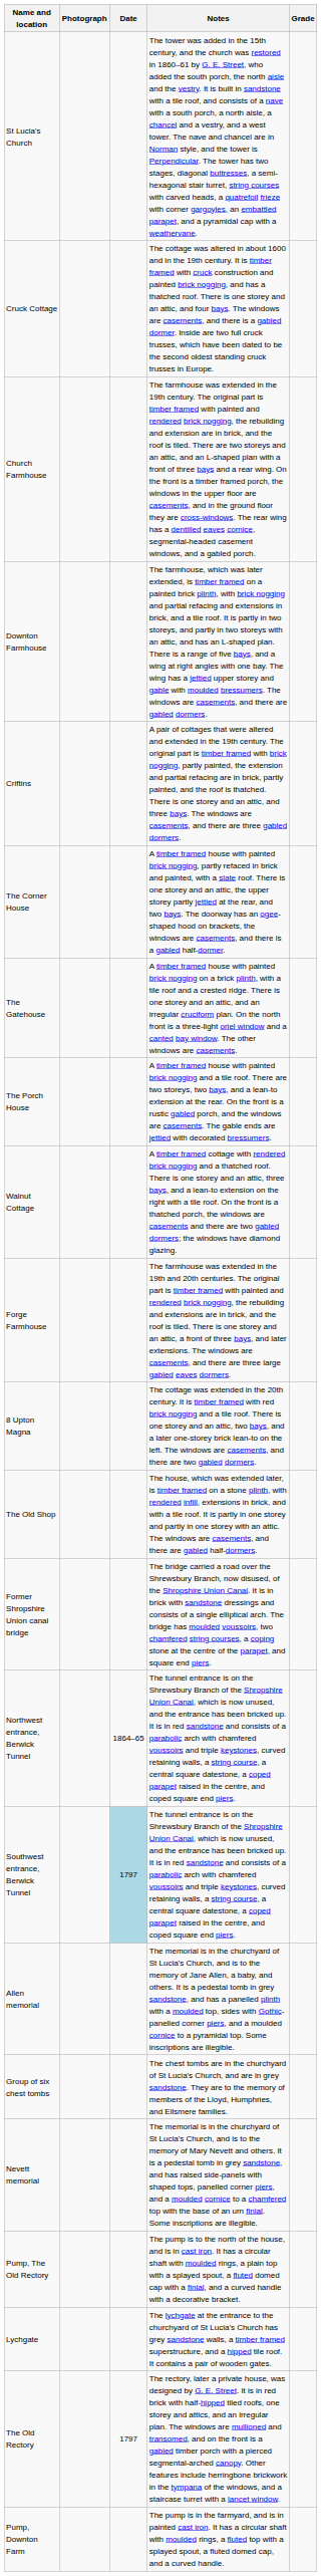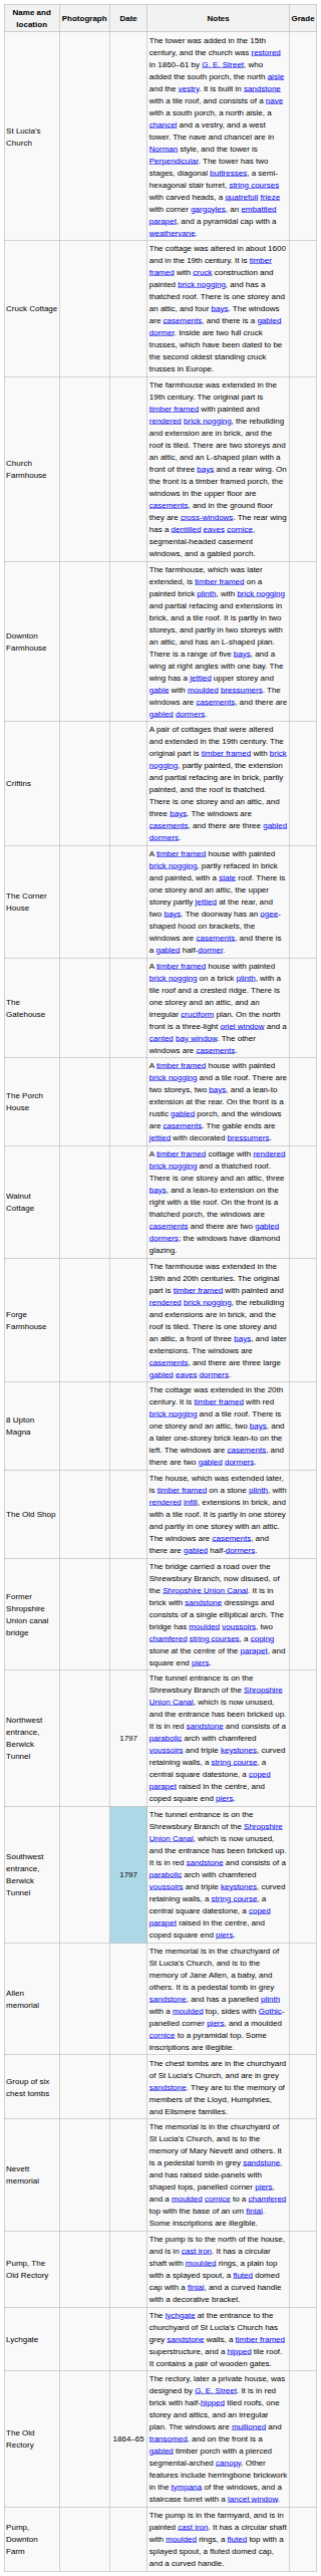 <table class="wikitable sortable plainrowheaders" style="width:100%; border:0; text-align:left; line-height:150%;">
 <tr>
 <th scope="col"  style="width:150px">Name and location</th>
 <th scope="col"  style="width:100px" class="unsortable">Photograph</th>
 <th scope="col"  style="width:120px">Date</th>
 <th scope="col"  style="width:650px" class="unsortable">Notes</th>
 <th scope="col"  style="width:50px">Grade</th>
 </tr>
 <tr>
 <td>St Lucia's Church<br><small></small></td>
 <td></td>
 <td align="center"></td>
 <td>The tower was added in the 15th century, and the church was <a href='#'>restored</a> in 1860–61 by <a href='#'>G. E. Street</a>, who added the south porch, the north <a href='#'>aisle</a> and the <a href='#'>vestry</a>.  It is built in <a href='#'>sandstone</a> with a tile roof, and consists of a <a href='#'>nave</a> with a south porch, a north aisle, a <a href='#'>chancel</a> and a vestry, and a west tower.  The nave and chancel are in <a href='#'>Norman</a> style, and the tower is <a href='#'>Perpendicular</a>.  The tower has two stages, diagonal <a href='#'>buttresses</a>, a semi-hexagonal stair turret, <a href='#'>string courses</a> with carved heads, a <a href='#'>quatrefoil</a> <a href='#'>frieze</a> with corner <a href='#'>gargoyles</a>, an <a href='#'>embattled</a> <a href='#'>parapet</a>, and a pyramidal cap with a <a href='#'>weathervane</a>.</td>
 <td align="center" ></td>
 </tr>
 <tr>
 <td>Cruck Cottage<br><small></small></td>
 <td></td>
 <td align="center"></td>
 <td>The cottage was altered in about 1600 and in the 19th century.  It is <a href='#'>timber framed</a> with <a href='#'>cruck</a> construction and painted <a href='#'>brick nogging</a>, and has a thatched roof.  There is one storey and an attic, and four <a href='#'>bays</a>.  The windows are <a href='#'>casements</a>, and there is a <a href='#'>gabled</a> <a href='#'>dormer</a>.  Inside are two full cruck trusses, which have been dated to be the second oldest standing cruck trusses in Europe.</td>
 <td align="center" ></td>
 </tr>
 <tr>
 <td>Church Farmhouse<br><small></small></td>
 <td></td>
 <td align="center"></td>
 <td>The farmhouse was extended in the 19th century.  The original part is <a href='#'>timber framed</a> with painted and <a href='#'>rendered</a> <a href='#'>brick nogging</a>, the rebuilding and extension are in brick, and the roof is tiled.  There are two storeys and an attic, and an L-shaped plan with a front of three <a href='#'>bays</a> and a rear wing.  On the front is a timber framed porch, the windows in the upper floor are <a href='#'>casements</a>, and in the ground floor they are <a href='#'>cross-windows</a>.  The rear wing has a <a href='#'>dentilled</a> <a href='#'>eaves</a> <a href='#'>cornice</a>, segmental-headed casement windows, and a gabled porch.</td>
 <td align="center" ></td>
 </tr>
 <tr>
 <td>Downton Farmhouse<br><small></small></td>
 <td></td>
 <td align="center"></td>
 <td>The farmhouse, which was later extended, is <a href='#'>timber framed</a> on a painted brick <a href='#'>plinth</a>, with <a href='#'>brick nogging</a> and partial refacing and extensions in brick, and a tile roof.  It is partly in two storeys, and partly in two storeys with an attic, and has an L-shaped plan.  There is a range of five <a href='#'>bays</a>, and a wing at right angles with one bay.  The wing has a <a href='#'>jettied</a> upper storey and <a href='#'>gable</a> with <a href='#'>moulded</a> <a href='#'>bressumers</a>.  The windows are <a href='#'>casements</a>, and there are <a href='#'>gabled</a> <a href='#'>dormers</a>.</td>
 <td align="center" ></td>
 </tr>
 <tr>
 <td>Criftins<br><small></small></td>
 <td></td>
 <td align="center"></td>
 <td>A pair of cottages that were altered and extended in the 19th century.  The original part is <a href='#'>timber framed</a> with <a href='#'>brick nogging</a>, partly painted, the extension and partial refacing are in brick, partly painted, and the roof is thatched.  There is one storey and an attic, and three <a href='#'>bays</a>.  The windows are <a href='#'>casements</a>, and there are three <a href='#'>gabled</a> <a href='#'>dormers</a>.</td>
 <td align="center" ></td>
 </tr>
 <tr>
 <td>The Corner House<br><small></small></td>
 <td></td>
 <td align="center"></td>
 <td>A <a href='#'>timber framed</a> house with painted <a href='#'>brick nogging</a>, partly refaced in brick and painted, with a <a href='#'>slate</a> roof.  There is one storey and an attic, the upper storey partly <a href='#'>jettied</a> at the rear, and two <a href='#'>bays</a>.  The doorway has an <a href='#'>ogee</a>-shaped hood on brackets, the windows are <a href='#'>casements</a>, and there is a <a href='#'>gabled</a> half-<a href='#'>dormer</a>.</td>
 <td align="center" ></td>
 </tr>
 <tr>
 <td>The Gatehouse<br><small></small></td>
 <td></td>
 <td align="center"></td>
 <td>A <a href='#'>timber framed</a> house with painted <a href='#'>brick nogging</a> on a brick <a href='#'>plinth</a>, with a tile roof and a crested ridge.  There is one storey and an attic, and an irregular <a href='#'>cruciform</a> plan.  On the north front is a three-light <a href='#'>oriel window</a> and a <a href='#'>canted</a> <a href='#'>bay window</a>.  The other windows are <a href='#'>casements</a>.</td>
 <td align="center" ></td>
 </tr>
 <tr>
 <td>The Porch House<br><small></small></td>
 <td></td>
 <td align="center"></td>
 <td>A <a href='#'>timber framed</a> house with painted <a href='#'>brick nogging</a> and a tile roof.  There are two storeys, two <a href='#'>bays</a>, and a lean-to extension at the rear.  On the front is a rustic <a href='#'>gabled</a> porch, and the windows are <a href='#'>casements</a>.  The gable ends are <a href='#'>jettied</a> with decorated <a href='#'>bressumers</a>.</td>
 <td align="center" ></td>
 </tr>
 <tr>
 <td>Walnut Cottage<br><small></small></td>
 <td></td>
 <td align="center"></td>
 <td>A <a href='#'>timber framed</a> cottage with <a href='#'>rendered</a> <a href='#'>brick nogging</a> and a thatched roof.  There is one storey and an attic, three <a href='#'>bays</a>, and a lean-to extension on the right with a tile roof.  On the front is a thatched porch, the windows are <a href='#'>casements</a> and there are two <a href='#'>gabled</a> <a href='#'>dormers</a>; the windows have diamond glazing.</td>
 <td align="center" ></td>
 </tr>
 <tr>
 <td>Forge Farmhouse<br><small></small></td>
 <td></td>
 <td align="center"></td>
 <td>The farmhouse was extended in the 19th and 20th centuries.  The original part is <a href='#'>timber framed</a> with painted and <a href='#'>rendered</a> <a href='#'>brick nogging</a>, the rebuilding and extensions are in brick, and the roof is tiled.  There is one storey and an attic, a front of three <a href='#'>bays</a>, and later extensions.  The windows are <a href='#'>casements</a>, and there are three large <a href='#'>gabled</a> <a href='#'>eaves</a> <a href='#'>dormers</a>.</td>
 <td align="center" ></td>
 </tr>
 <tr>
 <td>8 Upton Magna<br><small></small></td>
 <td></td>
 <td align="center"></td>
 <td>The cottage was extended in the 20th century.  It is <a href='#'>timber framed</a> with red <a href='#'>brick nogging</a> and a tile roof.  There is one storey and an attic, two <a href='#'>bays</a>, and a later one-storey brick lean-to on the left.  The windows are <a href='#'>casements</a>, and there are two <a href='#'>gabled</a> <a href='#'>dormers</a>.</td>
 <td align="center" ></td>
 </tr>
 <tr>
 <td>The Old Shop<br><small></small></td>
 <td></td>
 <td align="center"></td>
 <td>The house, which was extended later, is <a href='#'>timber framed</a> on a stone <a href='#'>plinth</a>, with <a href='#'>rendered</a> <a href='#'>infill</a>, extensions in brick, and with a tile roof.  It is partly in one storey and partly in one storey with an attic.  The windows are <a href='#'>casements</a>, and there are <a href='#'>gabled</a> half-<a href='#'>dormers</a>.</td>
 <td align="center" ></td>
 </tr>
 <tr>
 <td>Former Shropshire Union canal bridge<br><small></small></td>
 <td></td>
 <td align="center"></td>
 <td>The bridge carried a road over the Shrewsbury Branch, now disused, of the <a href='#'>Shropshire Union Canal</a>.  It is in brick with <a href='#'>sandstone</a> dressings and consists of a single elliptical arch.  The bridge has <a href='#'>moulded</a> <a href='#'>voussoirs</a>, two <a href='#'>chamfered</a> <a href='#'>string courses</a>, a <a href='#'>coping</a> stone at the centre of the <a href='#'>parapet</a>, and square end <a href='#'>piers</a>.</td>
 <td align="center" ></td>
 </tr>
 <tr>
 <td>Northwest entrance, Berwick Tunnel<br><small></small></td>
 <td></td>
-<td align="center">1864–65</td>
+<td align="center">1797</td>
 <td>The tunnel entrance is on the Shrewsbury Branch of the <a href='#'>Shropshire Union Canal</a>, which is now unused, and the entrance has been bricked up.  It is in red <a href='#'>sandstone</a> and consists of a <a href='#'>parabolic</a> arch with chamfered <a href='#'>voussoirs</a> and triple <a href='#'>keystones</a>, curved retaining walls, a <a href='#'>string course</a>, a central square datestone, a <a href='#'>coped</a> <a href='#'>parapet</a> raised in the centre, and coped square end <a href='#'>piers</a>.</td>
 <td align="center" ></td>
 </tr>
 <tr>
 <td>Southwest entrance, Berwick Tunnel<br><small></small></td>
 <td></td>
 <td align="center" style="background: lightblue;">1797</td>
 <td>The tunnel entrance is on the Shrewsbury Branch of the <a href='#'>Shropshire Union Canal</a>, which is now unused, and the entrance has been bricked up.  It is in red <a href='#'>sandstone</a> and consists of a <a href='#'>parabolic</a> arch with chamfered <a href='#'>voussoirs</a> and triple <a href='#'>keystones</a>, curved retaining walls, a <a href='#'>string course</a>, a central square datestone, a <a href='#'>coped</a> <a href='#'>parapet</a> raised in the centre, and coped square end <a href='#'>piers</a>.</td>
 <td align="center" ></td>
 </tr>
 <tr>
 <td>Allen memorial<br><small></small></td>
 <td></td>
 <td align="center"></td>
 <td>The memorial is in the churchyard of St Lucia's Church, and is to the memory of Jane Allen, a baby, and others.  It is a pedestal tomb in grey <a href='#'>sandstone</a>, and has a panelled <a href='#'>plinth</a> with a <a href='#'>moulded</a> top, sides with <a href='#'>Gothic</a>-panelled corner <a href='#'>piers</a>, and a moulded <a href='#'>cornice</a> to a pyramidal top.  Some inscriptions are illegible.</td>
 <td align="center" ></td>
 </tr>
 <tr>
 <td>Group of six chest tombs<br><small></small></td>
 <td></td>
 <td align="center"></td>
 <td>The chest tombs are in the churchyard of St Lucia's Church, and are in grey <a href='#'>sandstone</a>.  They are to the memory of members of the Lloyd, Humphries, and Ellsmere families.</td>
 <td align="center" ></td>
 </tr>
 <tr>
 <td>Nevett memorial<br><small></small></td>
 <td></td>
 <td align="center"></td>
 <td>The memorial is in the churchyard of St Lucia's Church, and is to the memory of Mary Nevett and others.  It is a pedestal tomb in grey <a href='#'>sandstone</a>, and has raised side-panels with shaped tops, panelled corner <a href='#'>piers</a>, and a <a href='#'>moulded</a> <a href='#'>cornice</a> to a <a href='#'>chamfered</a> top with the base of an urn <a href='#'>finial</a>.  Some inscriptions are illegible.</td>
 <td align="center" ></td>
 </tr>
 <tr>
 <td>Pump, The Old Rectory<br><small></small></td>
 <td></td>
 <td align="center"></td>
 <td>The pump is to the north of the house, and is in <a href='#'>cast iron</a>.  It has a circular shaft with <a href='#'>moulded</a> rings, a plain top with a splayed spout, a <a href='#'>fluted</a> domed cap with a <a href='#'>finial</a>, and a curved handle with a decorative bracket.</td>
 <td align="center" ></td>
 </tr>
 <tr>
 <td>Lychgate<br><small></small></td>
 <td></td>
 <td align="center"></td>
 <td>The <a href='#'>lychgate</a> at the entrance to the churchyard of St Lucia's Church has grey <a href='#'>sandstone</a> walls, a <a href='#'>timber framed</a> superstructure, and a <a href='#'>hipped</a> tile roof.  It contains a pair of wooden gates.</td>
 <td align="center" ></td>
 </tr>
 <tr>
 <td>The Old Rectory<br><small></small></td>
 <td></td>
-<td align="center">1797</td>
+<td align="center">1864–65</td>
 <td>The rectory, later a private house, was designed by <a href='#'>G. E. Street</a>.  It is in red brick with half-<a href='#'>hipped</a> tiled roofs, one storey and attics, and an irregular plan.  The windows are <a href='#'>mullioned</a> and <a href='#'>transomed</a>, and on the front is a <a href='#'>gabled</a> timber porch with a pierced segmental-arched <a href='#'>canopy</a>.  Other features include herringbone brickwork in the <a href='#'>tympana</a> of the windows, and a staircase turret with a <a href='#'>lancet window</a>.</td>
 <td align="center" ></td>
 </tr>
 <tr>
 <td>Pump, Downton Farm<br><small></small></td>
 <td></td>
 <td align="center"></td>
 <td>The pump is in the farmyard, and is in painted <a href='#'>cast iron</a>.  It has a circular shaft with <a href='#'>moulded</a> rings, a <a href='#'>fluted</a> top with a splayed spout, a fluted domed cap, and a curved handle.</td>
 <td align="center" ></td>
 </tr>
 <tr>
 </tr>
 </table>
